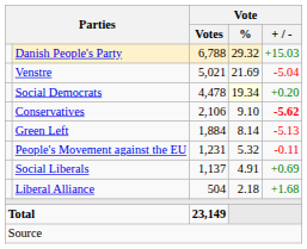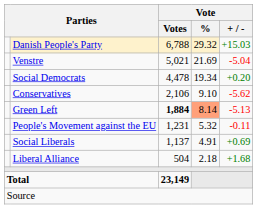 <table class="wikitable" style="text-align:right;">
 <tr>
 <th style="text-align:centre;" rowspan="2" colspan="2" width="225">Parties</th>
 <th colspan="3">Vote</th>
 </tr>
 <tr>
 <th width="15">Votes</th>
 <th width="15">%</th>
 <th width="15">+ / -</th>
 </tr>
 <tr>
 <td width="2" style="color:inherit;background:"></td>
 <td bgcolor=#fef2cc   align="left"><a href='#'>Danish People's Party</a></td>
 <td bgcolor=#fef2cc>6,788</td>
 <td bgcolor=#fef2cc>29.32</td>
 <td style=color:green;>+15.03</td>
 </tr>
 <tr>
 <td width="2" style="color:inherit;background:"></td>
 <td align="left"><a href='#'>Venstre</a></td>
 <td>5,021</td>
 <td>21.69</td>
 <td style=color:red;>-5.04</td>
 </tr>
 <tr>
 <td width="2" style="color:inherit;background:"></td>
 <td align="left"><a href='#'>Social Democrats</a></td>
 <td>4,478</td>
-<td style="background: lightyellow;">19.34</td>
+<td>19.34</td>
 <td style=color:green;>+0.20</td>
 </tr>
 <tr>
 <td width="2" style="color:inherit;background:"></td>
 <td align="left"><a href='#'>Conservatives</a></td>
 <td>2,106</td>
 <td>9.10</td>
-<td style=color:red;><strong>-5.62</strong></td>
+<td style=color:red;>-5.62</td>
 </tr>
 <tr>
 <td width="2" style="color:inherit;background:"></td>
 <td align="left"><a href='#'>Green Left</a></td>
-<td>1,884</td>
-<td>8.14</td>
+<td><strong>1,884</strong></td>
+<td style="background: lightsalmon;">8.14</td>
 <td style=color:red;>-5.13</td>
 </tr>
 <tr>
 <td width="2" style="color:inherit;background:"></td>
 <td align="left"><a href='#'>People's Movement against the EU</a></td>
 <td>1,231</td>
 <td>5.32</td>
 <td style=color:red;>-0.11</td>
 </tr>
 <tr>
 <td width="2" style="color:inherit;background:"></td>
 <td align="left"><a href='#'>Social Liberals</a></td>
 <td>1,137</td>
 <td>4.91</td>
 <td style=color:green;>+0.69</td>
 </tr>
 <tr>
 <td width="2" style="color:inherit;background:"></td>
 <td align="left"><a href='#'>Liberal Alliance</a></td>
 <td>504</td>
 <td>2.18</td>
 <td style=color:green;>+1.68</td>
 </tr>
 <tr>
 <td colspan="7" bgcolor="#E9E9E9"></td>
 </tr>
 <tr>
 <td align="left" colspan="2"><strong>Total</strong></td>
 <td><strong>23,149</strong></td>
 <td bgcolor="#E9E9E9" colspan="2"></td>
 </tr>
 <tr>
 <td align="left" colspan="6">Source</td>
 </tr>
 </table>
